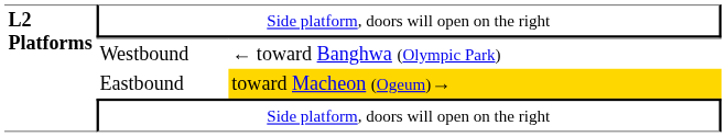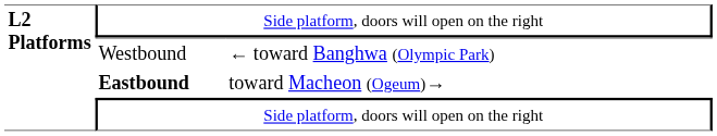 <table table border=0 cellspacing=0 cellpadding=3>
 <tr>
 <td style="border-top:solid 1px gray;border-bottom:solid 1px gray;" width=50 rowspan=10 valign=top><strong>L2<br>Platforms</strong></td>
 <td style="border-top:solid 1px gray;border-right:solid 2px black;border-left:solid 2px black;border-bottom:solid 2px black;text-align:center;" colspan=2><small><a href='#'>Side platform</a>, doors will open on the right</small></td>
 </tr>
 <tr>
 <td style="border-bottom:solid 0px gray;border-top:solid 1px gray;" width=100>Westbound</td>
 <td style="border-bottom:solid 0px gray;border-top:solid 1px gray;" width=390>←  toward <a href='#'>Banghwa</a> <small>(<a href='#'>Olympic Park</a>)</small></td>
 </tr>
 <tr>
-<td>Eastbound</td>
-<td style="background: gold;">  toward <a href='#'>Macheon</a> <small>(<a href='#'>Ogeum</a>)</small>→</td>
+<td><strong>Eastbound</strong></td>
+<td>  toward <a href='#'>Macheon</a> <small>(<a href='#'>Ogeum</a>)</small>→</td>
 </tr>
 <tr>
 <td style="border-top:solid 2px black;border-right:solid 2px black;border-left:solid 2px black;border-bottom:solid 1px gray;text-align:center;" colspan=2><small><a href='#'>Side platform</a>, doors will open on the right</small></td>
 </tr>
 </table>
